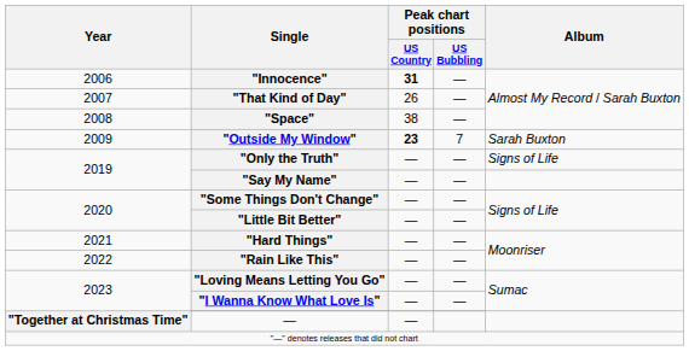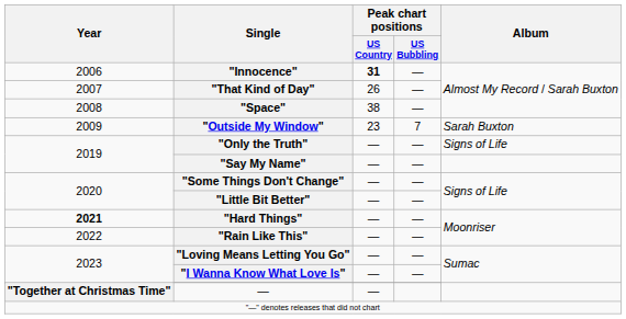 <table class="wikitable plainrowheaders" style="text-align:center;">
 <tr>
 <th rowspan="2">Year</th>
 <th rowspan="2" style="width:15em;">Single</th>
 <th colspan="2">Peak chart<br>positions</th>
 <th rowspan="2">Album</th>
 </tr>
 <tr style="font-size:smaller;">
 <th width="45"><a href='#'>US Country</a><br></th>
 <th width="45"><a href='#'>US Bubbling</a><br></th>
 </tr>
 <tr>
 <td>2006</td>
 <th scope="row">"Innocence"</th>
 <td><strong>31</strong></td>
 <td>—</td>
 <td align="left" rowspan="3"><em>Almost My Record</em> / <em>Sarah Buxton</em></td>
 </tr>
 <tr>
 <td>2007</td>
 <th scope="row">"That Kind of Day"</th>
 <td>26</td>
 <td>—</td>
 </tr>
 <tr>
 <td>2008</td>
 <th scope="row">"Space"</th>
 <td>38</td>
 <td>—</td>
 </tr>
 <tr>
 <td>2009</td>
 <th scope="row">"<a href='#'>Outside My Window</a>"</th>
-<td><strong>23</strong></td>
+<td>23</td>
 <td>7</td>
 <td align="left"><em>Sarah Buxton</em></td>
 </tr>
 <tr>
 <td rowspan="2">2019</td>
 <th scope="row">"Only the Truth"</th>
 <td>—</td>
 <td>—</td>
 <td align="left"><em>Signs of Life</em></td>
 </tr>
 <tr>
 <th scope="row">"Say My Name"</th>
 <td>—</td>
 <td>—</td>
 <td></td>
 </tr>
 <tr>
 <td rowspan="2">2020</td>
 <th scope="row">"Some Things Don't Change"</th>
 <td>—</td>
 <td>—</td>
 <td align="left" rowspan="2"><em>Signs of Life</em></td>
 </tr>
 <tr>
 <th scope="row">"Little Bit Better"</th>
 <td>—</td>
 <td>—</td>
 </tr>
 <tr>
-<td>2021</td>
+<td><strong>2021</strong></td>
 <th scope="row">"Hard Things"</th>
 <td>—</td>
 <td>—</td>
 <td align="left" rowspan="2"><em>Moonriser</em></td>
 </tr>
 <tr>
 <td>2022</td>
 <th scope="row">"Rain Like This"</th>
 <td>—</td>
 <td>—</td>
 </tr>
 <tr>
 <td rowspan="3">2023</td>
 <th scope="row">"Loving Means Letting You Go"</th>
 <td>—</td>
 <td>—</td>
 <td align="left" rowspan="2"><em>Sumac</em></td>
 </tr>
 <tr>
 <th scope="row">"<a href='#'>I Wanna Know What Love Is</a>"</th>
 <td>—</td>
 <td>—</td>
 </tr>
 <tr>
 </tr>
 <tr>
 <th scope="row">"Together at Christmas Time"</th>
 <td>—</td>
 <td>—</td>
 <td></td>
 </tr>
 <tr>
 <td colspan="5" style="font-size:8pt">"—" denotes releases that did not chart</td>
 </tr>
 </table>
